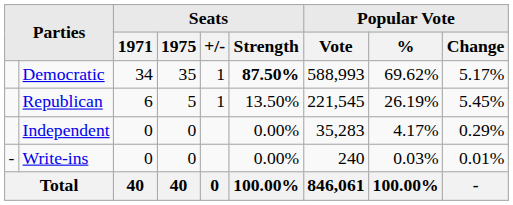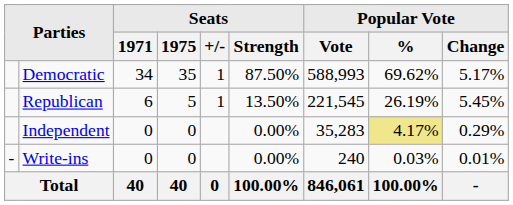 <table class=wikitable>
 <tr>
 <th style="background-color:#E9E9E9" align=center rowspan= 2 colspan=2>Parties</th>
 <th style="background-color:#E9E9E9" align=center colspan=4>Seats</th>
 <th style="background-color:#E9E9E9" align=center colspan=3>Popular Vote</th>
 </tr>
 <tr>
 <th align=center>1971</th>
 <th align=center>1975</th>
 <th align=center>+/-</th>
 <th align=center>Strength</th>
 <th align=center>Vote</th>
 <th align=center>%</th>
 <th align=center>Change</th>
 </tr>
 <tr>
 <td></td>
 <td align=left><a href='#'>Democratic</a></td>
 <td align=right >34</td>
 <td align=right >35</td>
 <td align=right> 1</td>
-<td align=right ><strong>87.50%</strong></td>
+<td align=right >87.50%</td>
 <td align=right >588,993</td>
 <td align=right >69.62%</td>
 <td align=right> 5.17%</td>
 </tr>
 <tr>
 <td></td>
 <td align=left><a href='#'>Republican</a></td>
 <td align=right>6</td>
 <td align=right>5</td>
 <td align=right> 1</td>
 <td align=right>13.50%</td>
 <td align=right>221,545</td>
 <td align=right>26.19%</td>
 <td align=right> 5.45%</td>
 </tr>
 <tr>
 <td></td>
 <td><a href='#'>Independent</a></td>
 <td align=right>0</td>
 <td align=right>0</td>
 <td align=right></td>
 <td align=right>0.00%</td>
 <td align=right>35,283</td>
-<td align=right>4.17%</td>
+<td align=right style="background: khaki;">4.17%</td>
 <td align=right> 0.29%</td>
 </tr>
 <tr>
 <td>-</td>
 <td><a href='#'>Write-ins</a></td>
 <td align=right>0</td>
 <td align=right>0</td>
 <td align=right></td>
 <td align=right>0.00%</td>
 <td align=right>240</td>
 <td align=right>0.03%</td>
 <td align=right> 0.01%</td>
 </tr>
 <tr>
 <th align=center colspan="2">Total</th>
 <th align=center>40</th>
 <th align=center>40</th>
 <th align=center>0</th>
 <th align=center>100.00%</th>
 <th align=center>846,061</th>
 <th align=center>100.00%</th>
 <th align=center>-</th>
 </tr>
 </table>
